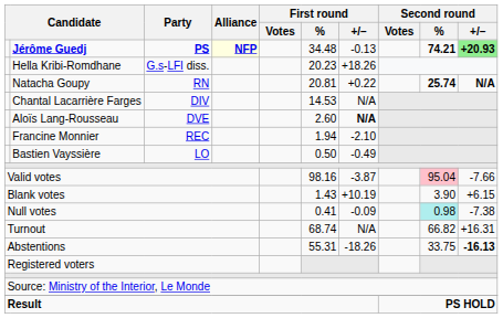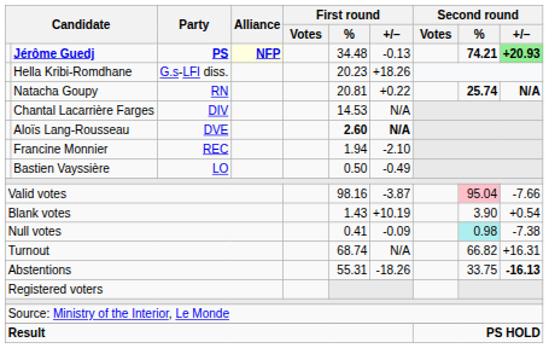 <table class="wikitable" style="text-align:right;font-size:95%;">
 <tr>
 <th rowspan="2" colspan="2">Candidate</th>
 <th rowspan="2">Party</th>
 <th rowspan="2">Alliance</th>
 <th colspan="3">First round</th>
 <th colspan="3">Second round</th>
 </tr>
 <tr>
 <th style="width:50px;">Votes</th>
 <th style="width:45px;">%</th>
 <th style="width:45px;">+/–</th>
 <th style="width:50px;">Votes</th>
 <th style="width:45px;">%</th>
 <th style="width:45px;">+/–</th>
 </tr>
 <tr>
 <td style="color:inherit;background:"></td>
 <td style="text-align:left;"><strong><a href='#'>Jérôme Guedj</a></strong></td>
 <td><a href='#'><strong>PS</strong></a></td>
 <td style="background: lightyellow;"><a href='#'><strong>NFP</strong></a></td>
 <td></td>
 <td>34.48</td>
 <td>-0.13</td>
 <td><strong></strong></td>
 <td><strong>74.21</strong></td>
 <td style="background: lightgreen;"><strong>+20.93</strong></td>
 </tr>
 <tr>
 <td style="color:inherit;background:"></td>
 <td style="text-align:left;">Hella Kribi-Romdhane</td>
 <td><a href='#'>G.s</a>-<a href='#'>LFI</a> diss.</td>
 <td></td>
 <td></td>
 <td>20.23</td>
 <td>+18.26</td>
 <td colspan="3" style="background:#F8F9FA;"></td>
 </tr>
 <tr>
 <td style="color:inherit;background:"></td>
 <td style="text-align:left;">Natacha Goupy</td>
 <td><a href='#'>RN</a></td>
 <td></td>
 <td></td>
 <td>20.81</td>
 <td>+0.22</td>
 <td></td>
 <td><strong>25.74</strong></td>
 <td><strong>N/A</strong></td>
 </tr>
 <tr>
 <td style="color:inherit;background:"></td>
 <td style="text-align:left;">Chantal Lacarrière Farges</td>
 <td><a href='#'>DIV</a></td>
 <td></td>
 <td></td>
 <td>14.53</td>
 <td>N/A</td>
 <td colspan="3" style="background:#E9E9E9;"></td>
 </tr>
 <tr>
 <td style="color:inherit;background:"></td>
 <td style="text-align:left;">Aloïs Lang-Rousseau</td>
 <td><a href='#'>DVE</a></td>
 <td></td>
 <td></td>
-<td>2.60</td>
+<td><strong>2.60</strong></td>
 <td><strong>N/A</strong></td>
 <td colspan="3" style="background:#E9E9E9;"></td>
 </tr>
 <tr>
 <td style="color:inherit;background:"></td>
 <td style="text-align:left;">Francine Monnier</td>
 <td><a href='#'>REC</a></td>
 <td></td>
 <td></td>
 <td>1.94</td>
 <td>-2.10</td>
 <td colspan="3" style="background:#E9E9E9;"></td>
 </tr>
 <tr>
 <td style="color:inherit;background:"></td>
 <td style="text-align:left;">Bastien Vayssière</td>
 <td><a href='#'>LO</a></td>
 <td></td>
 <td></td>
 <td>0.50</td>
 <td>-0.49</td>
 <td colspan="3" style="background:#E9E9E9;"></td>
 </tr>
 <tr>
 <td colspan="10" style="background:#E9E9E9;"></td>
 </tr>
 <tr>
 <td colspan="4" style="text-align:left;">Valid votes</td>
 <td></td>
 <td>98.16</td>
 <td>-3.87</td>
 <td></td>
 <td style="background: pink;">95.04</td>
 <td>-7.66</td>
 </tr>
 <tr>
 <td colspan="4" style="text-align:left;">Blank votes</td>
 <td></td>
 <td>1.43</td>
 <td>+10.19</td>
 <td></td>
 <td>3.90</td>
-<td>+6.15</td>
+<td>+0.54</td>
 </tr>
 <tr>
 <td colspan="4" style="text-align:left;">Null votes</td>
 <td></td>
 <td>0.41</td>
 <td>-0.09</td>
 <td></td>
 <td style="background: paleturquoise;">0.98</td>
 <td>-7.38</td>
 </tr>
 <tr>
 <td colspan="4" style="text-align:left;">Turnout</td>
 <td></td>
 <td>68.74</td>
 <td>N/A</td>
 <td></td>
 <td>66.82</td>
 <td>+16.31</td>
 </tr>
 <tr>
 <td colspan="4" style="text-align:left;">Abstentions</td>
 <td></td>
 <td>55.31</td>
 <td>-18.26</td>
 <td></td>
 <td>33.75</td>
 <td><strong>-16.13</strong></td>
 </tr>
 <tr>
 <td colspan="4" style="text-align:left;">Registered voters</td>
 <td></td>
 <td colspan="2" style="background:#E9E9E9;"></td>
 <td></td>
 <td colspan="2" style="background:#E9E9E9;"></td>
 </tr>
 <tr>
 <td colspan="10" style="background:#E9E9E9;"></td>
 </tr>
 <tr>
 <td colspan="10" style="text-align:left;">Source: <a href='#'>Ministry of the Interior</a>, <a href='#'>Le Monde</a></td>
 </tr>
 <tr>
 </tr>
 <tr style="font-weight:bold">
 <td colspan="7" style="text-align:left;">Result</td>
 <td colspan="7" style="background-color:">PS HOLD</td>
 </tr>
 </table>
